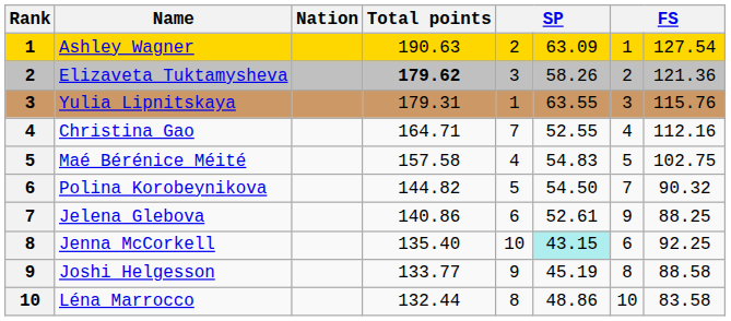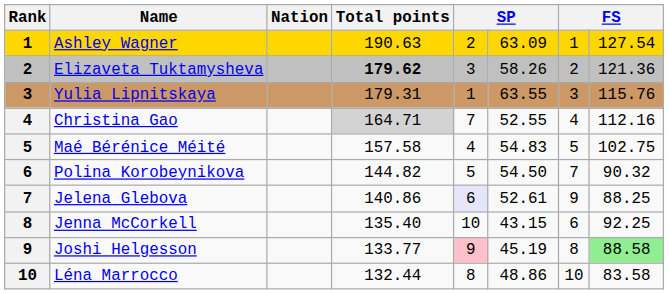 <table class="wikitable sortable">
 <tr>
 <th>Rank</th>
 <th>Name</th>
 <th>Nation</th>
 <th>Total points</th>
 <th colspan="2" width="80px"><a href='#'>SP</a></th>
 <th colspan="2" width="80px"><a href='#'>FS</a></th>
 </tr>
 <tr bgcolor="gold">
 <td align="center"><strong>1</strong></td>
 <td><a href='#'>Ashley Wagner</a></td>
 <td></td>
 <td align="center">190.63</td>
 <td align="center">2</td>
 <td align="center">63.09</td>
 <td align="center">1</td>
 <td align="center">127.54</td>
 </tr>
 <tr bgcolor="silver">
 <td align="center"><strong>2</strong></td>
 <td><a href='#'>Elizaveta Tuktamysheva</a></td>
 <td></td>
 <td align="center"><strong>179.62</strong></td>
 <td align="center">3</td>
 <td align="center">58.26</td>
 <td align="center">2</td>
 <td align="center">121.36</td>
 </tr>
 <tr bgcolor="cc9966">
 <td align="center"><strong>3</strong></td>
 <td><a href='#'>Yulia Lipnitskaya</a></td>
 <td></td>
 <td align="center">179.31</td>
 <td align="center">1</td>
 <td align="center">63.55</td>
 <td align="center">3</td>
 <td align="center">115.76</td>
 </tr>
 <tr>
 <th>4</th>
 <td><a href='#'>Christina Gao</a></td>
 <td></td>
-<td align="center">164.71</td>
+<td align="center" style="background: lightgrey;">164.71</td>
 <td align="center">7</td>
 <td align="center">52.55</td>
 <td align="center">4</td>
 <td align="center">112.16</td>
 </tr>
 <tr>
 <th>5</th>
 <td><a href='#'>Maé Bérénice Méité</a></td>
 <td></td>
 <td align="center">157.58</td>
 <td align="center">4</td>
 <td align="center">54.83</td>
 <td align="center">5</td>
 <td align="center">102.75</td>
 </tr>
 <tr>
 <th>6</th>
 <td><a href='#'>Polina Korobeynikova</a></td>
 <td></td>
 <td align="center">144.82</td>
 <td align="center">5</td>
 <td align="center">54.50</td>
 <td align="center">7</td>
 <td align="center">90.32</td>
 </tr>
 <tr>
 <th>7</th>
 <td><a href='#'>Jelena Glebova</a></td>
 <td></td>
 <td align="center">140.86</td>
-<td align="center">6</td>
+<td align="center" style="background: lavender;">6</td>
 <td align="center">52.61</td>
 <td align="center">9</td>
 <td align="center">88.25</td>
 </tr>
 <tr>
 <th>8</th>
 <td><a href='#'>Jenna McCorkell</a></td>
 <td></td>
 <td align="center">135.40</td>
 <td align="center">10</td>
-<td align="center" style="background: paleturquoise;">43.15</td>
+<td align="center">43.15</td>
 <td align="center">6</td>
 <td align="center">92.25</td>
 </tr>
 <tr>
 <th>9</th>
 <td><a href='#'>Joshi Helgesson</a></td>
 <td></td>
 <td align="center">133.77</td>
-<td align="center">9</td>
+<td align="center" style="background: pink;">9</td>
 <td align="center">45.19</td>
 <td align="center">8</td>
-<td align="center">88.58</td>
+<td align="center" style="background: lightgreen;">88.58</td>
 </tr>
 <tr>
 <th>10</th>
 <td><a href='#'>Léna Marrocco</a></td>
 <td></td>
 <td align="center">132.44</td>
 <td align="center">8</td>
 <td align="center">48.86</td>
 <td align="center">10</td>
 <td align="center">83.58</td>
 </tr>
 </table>
